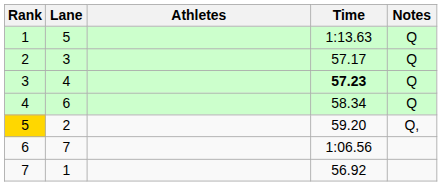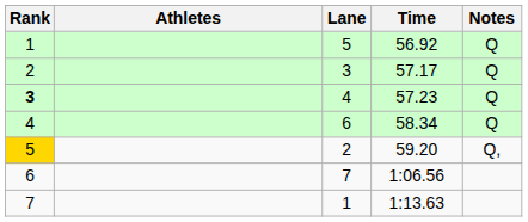 <table class="wikitable sortable" style="text-align:center;">
 <tr>
 <th width=40>Rank</th>
+<th width=250>Athletes</th>
 <th width=40>Lane</th>
-<th width=250>Athletes</th>
 <th width=80>Time</th>
 <th width=50>Notes</th>
 </tr>
 <tr bgcolor=ccffcc>
 <td>1</td>
+<td align=left></td>
 <td>5</td>
-<td align=left></td>
-<td>1:13.63</td>
+<td>56.92</td>
 <td>Q</td>
 </tr>
 <tr bgcolor=ccffcc>
 <td>2</td>
+<td align=left></td>
 <td>3</td>
-<td align=left></td>
 <td>57.17</td>
 <td>Q</td>
 </tr>
 <tr bgcolor=ccffcc>
-<td>3</td>
+<td><strong>3</strong></td>
+<td align=left></td>
 <td>4</td>
-<td align=left></td>
-<td><strong>57.23</strong></td>
+<td>57.23</td>
 <td>Q</td>
 </tr>
 <tr bgcolor=ccffcc>
 <td>4</td>
+<td align=left></td>
 <td>6</td>
-<td align=left></td>
 <td>58.34</td>
 <td>Q</td>
 </tr>
 <tr>
 <td style="background: gold;">5</td>
+<td align=left></td>
 <td>2</td>
-<td align=left></td>
 <td>59.20</td>
 <td>Q, </td>
 </tr>
 <tr>
 <td>6</td>
+<td align=left></td>
 <td>7</td>
-<td align=left></td>
 <td>1:06.56</td>
 <td></td>
 </tr>
 <tr>
 <td>7</td>
+<td align=left></td>
 <td>1</td>
-<td align=left></td>
-<td>56.92</td>
+<td>1:13.63</td>
 <td></td>
 </tr>
 </table>
